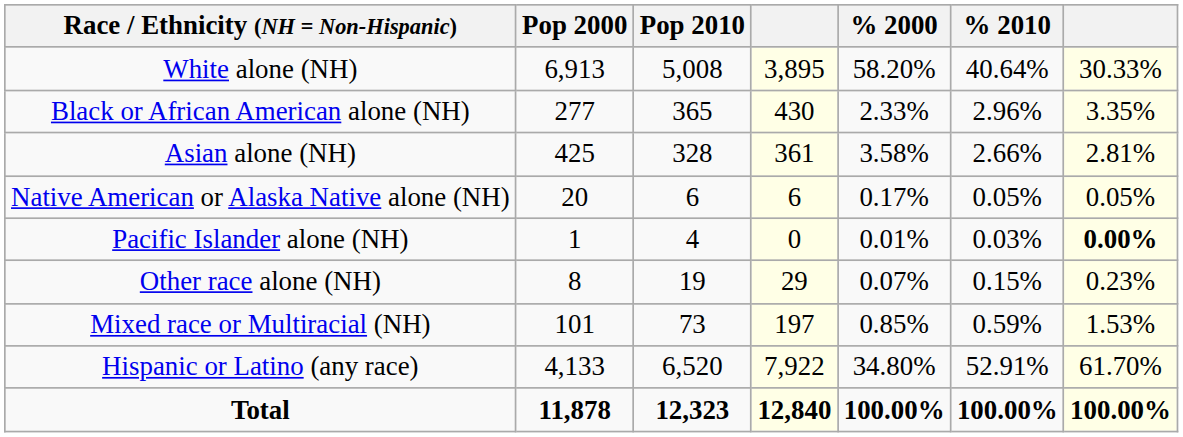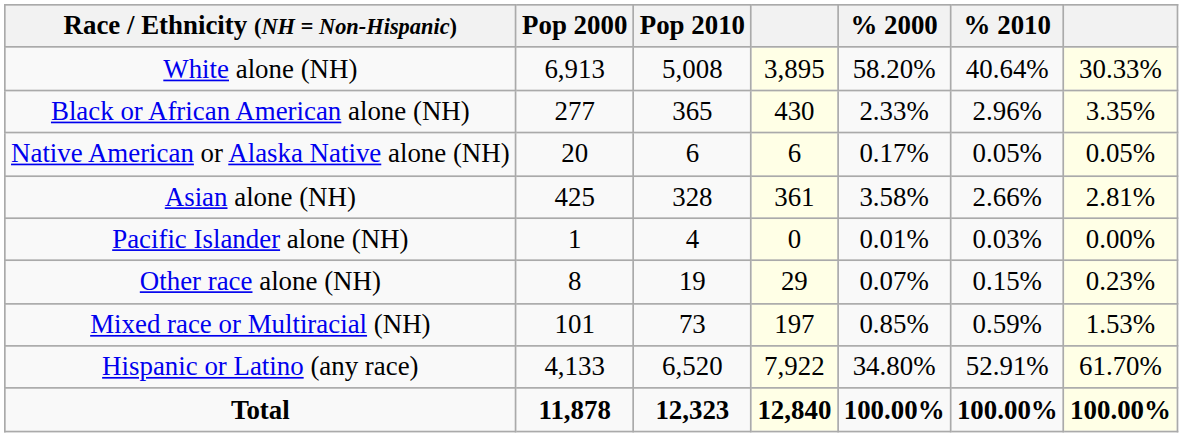 <table class="wikitable" style="text-align:center;">
 <tr>
 <th>Race / Ethnicity <small>(<em>NH = Non-Hispanic</em>)</small></th>
 <th>Pop 2000</th>
 <th>Pop 2010</th>
 <th></th>
 <th>% 2000</th>
 <th>% 2010</th>
 <th></th>
 </tr>
 <tr>
 <td><a href='#'>White</a> alone (NH)</td>
 <td>6,913</td>
 <td>5,008</td>
 <td style='background: #ffffe6;'>3,895</td>
 <td>58.20%</td>
 <td>40.64%</td>
 <td style='background: #ffffe6;'>30.33%</td>
 </tr>
 <tr>
 <td><a href='#'>Black or African American</a> alone (NH)</td>
 <td>277</td>
 <td>365</td>
 <td style='background: #ffffe6;'>430</td>
 <td>2.33%</td>
 <td>2.96%</td>
 <td style='background: #ffffe6;'>3.35%</td>
 </tr>
 <tr>
+<td><a href='#'>Native American</a> or <a href='#'>Alaska Native</a> alone (NH)</td>
+<td>20</td>
+<td>6</td>
+<td style='background: #ffffe6;'>6</td>
+<td>0.17%</td>
+<td>0.05%</td>
+<td style='background: #ffffe6;'>0.05%</td>
+</tr>
+<tr>
 <td><a href='#'>Asian</a> alone (NH)</td>
 <td>425</td>
 <td>328</td>
 <td style='background: #ffffe6;'>361</td>
 <td>3.58%</td>
 <td>2.66%</td>
 <td style='background: #ffffe6;'>2.81%</td>
 </tr>
 <tr>
-<td><a href='#'>Native American</a> or <a href='#'>Alaska Native</a> alone (NH)</td>
-<td>20</td>
-<td>6</td>
-<td style='background: #ffffe6;'>6</td>
-<td>0.17%</td>
-<td>0.05%</td>
-<td style='background: #ffffe6;'>0.05%</td>
-</tr>
-<tr>
 <td><a href='#'>Pacific Islander</a> alone (NH)</td>
 <td>1</td>
 <td>4</td>
 <td style='background: #ffffe6;'>0</td>
 <td>0.01%</td>
 <td>0.03%</td>
-<td style='background: #ffffe6;'><strong>0.00%</strong></td>
+<td style='background: #ffffe6;'>0.00%</td>
 </tr>
 <tr>
 <td><a href='#'>Other race</a> alone (NH)</td>
 <td>8</td>
 <td>19</td>
 <td style='background: #ffffe6;'>29</td>
 <td>0.07%</td>
 <td>0.15%</td>
 <td style='background: #ffffe6;'>0.23%</td>
 </tr>
 <tr>
 <td><a href='#'>Mixed race or Multiracial</a> (NH)</td>
 <td>101</td>
 <td>73</td>
 <td style='background: #ffffe6;'>197</td>
 <td>0.85%</td>
 <td>0.59%</td>
 <td style='background: #ffffe6;'>1.53%</td>
 </tr>
 <tr>
 <td><a href='#'>Hispanic or Latino</a> (any race)</td>
 <td>4,133</td>
 <td>6,520</td>
 <td style='background: #ffffe6;'>7,922</td>
 <td>34.80%</td>
 <td>52.91%</td>
 <td style='background: #ffffe6;'>61.70%</td>
 </tr>
 <tr>
 <td><strong>Total</strong></td>
 <td><strong>11,878</strong></td>
 <td><strong>12,323</strong></td>
 <td style='background: #ffffe6;'><strong>12,840</strong></td>
 <td><strong>100.00%</strong></td>
 <td><strong>100.00%</strong></td>
 <td style='background: #ffffe6;'><strong>100.00%</strong></td>
 </tr>
 </table>
